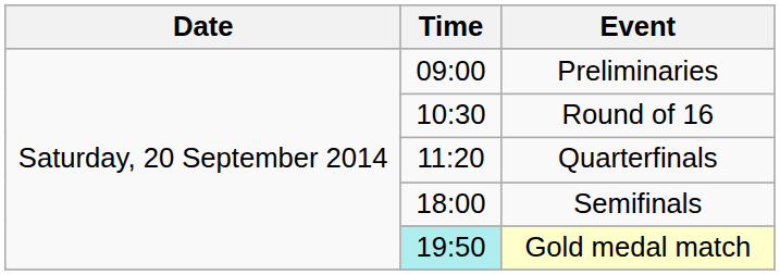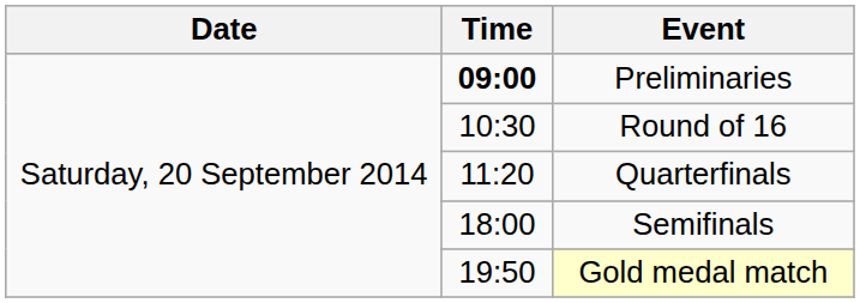 <table class = "wikitable" style="text-align:center;">
 <tr>
 <th width=220>Date</th>
 <th width=50>Time</th>
 <th width=150>Event</th>
 </tr>
 <tr>
 <td rowspan=5>Saturday, 20 September 2014</td>
-<td>09:00</td>
+<td><strong>09:00</strong></td>
 <td>Preliminaries</td>
 </tr>
 <tr>
 <td>10:30</td>
 <td>Round of 16</td>
 </tr>
 <tr>
 <td>11:20</td>
 <td>Quarterfinals</td>
 </tr>
 <tr>
 <td>18:00</td>
 <td>Semifinals</td>
 </tr>
 <tr>
-<td style="background: paleturquoise;">19:50</td>
+<td>19:50</td>
 <td bgcolor=ffffcc>Gold medal match</td>
 </tr>
 </table>
